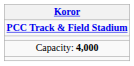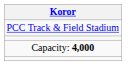 <table class=wikitable style="text-align:center;">
 <tr>
 <th><a href='#'>Koror</a></th>
 </tr>
 <tr>
-<td><strong><a href='#'>PCC Track & Field Stadium</a></strong></td>
+<td><a href='#'>PCC Track & Field Stadium</a></td>
 </tr>
 <tr>
 <td><small></small></td>
 </tr>
 <tr>
 <td>Capacity: <strong>4,000</strong></td>
 </tr>
 <tr>
 <td colspan=2></td>
 </tr>
 </table>
